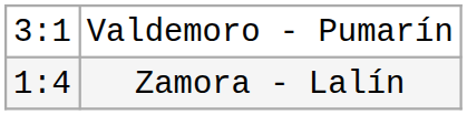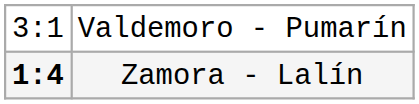 <table class="wikitable">
 <tr align=center bgcolor=white>
 <td>3:1</td>
 <td>Valdemoro - Pumarín</td>
 </tr>
 <tr align=center bgcolor=#F5F5F5>
-<td>1:4</td>
+<td><strong>1:4</strong></td>
 <td>Zamora - Lalín</td>
 </tr>
 </table>
